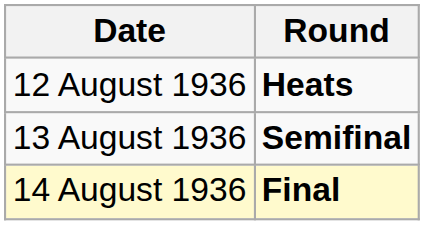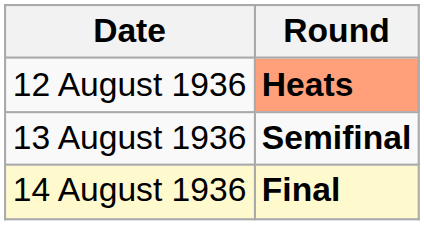 <table class="wikitable">
 <tr>
 <th>Date</th>
 <th>Round</th>
 </tr>
 <tr>
 <td>12 August 1936</td>
-<td><strong>Heats</strong></td>
+<td style="background: lightsalmon;"><strong>Heats</strong></td>
 </tr>
 <tr>
 <td>13 August 1936</td>
 <td><strong>Semifinal</strong></td>
 </tr>
 <tr>
 <td style=background:lemonchiffon>14 August 1936</td>
 <td style=background:lemonchiffon><strong>Final</strong></td>
 </tr>
 </table>
